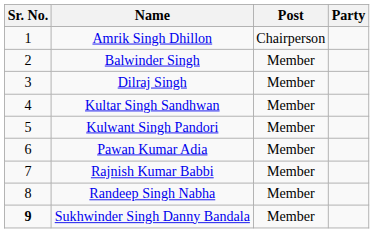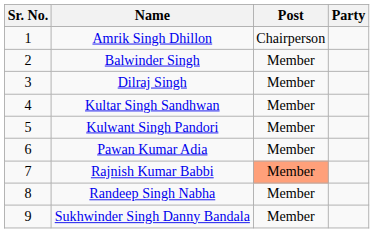 <table class="wikitable sortable">
 <tr>
 <th>Sr. No.</th>
 <th>Name</th>
 <th>Post</th>
 <th colspan="2">Party</th>
 </tr>
 <tr align="center">
 <td>1</td>
 <td><a href='#'>Amrik Singh Dhillon</a></td>
 <td>Chairperson</td>
 <td></td>
 </tr>
 <tr align="center">
 <td>2</td>
 <td><a href='#'>Balwinder Singh</a></td>
 <td>Member</td>
 <td></td>
 </tr>
 <tr align="center">
 <td>3</td>
 <td><a href='#'>Dilraj Singh</a></td>
 <td>Member</td>
 <td></td>
 </tr>
 <tr align="center">
 <td>4</td>
 <td><a href='#'>Kultar Singh Sandhwan</a></td>
 <td>Member</td>
 <td></td>
 </tr>
 <tr align="center">
 <td>5</td>
 <td><a href='#'>Kulwant Singh Pandori</a></td>
 <td>Member</td>
 <td></td>
 </tr>
 <tr align="center">
 <td>6</td>
 <td><a href='#'>Pawan Kumar Adia</a></td>
 <td>Member</td>
 <td></td>
 </tr>
 <tr align="center">
 <td>7</td>
 <td><a href='#'>Rajnish Kumar Babbi</a></td>
-<td>Member</td>
+<td style="background: lightsalmon;">Member</td>
 <td></td>
 </tr>
 <tr align="center">
 <td>8</td>
 <td><a href='#'>Randeep Singh Nabha</a></td>
 <td>Member</td>
 <td></td>
 </tr>
 <tr align="center">
-<td><strong>9</strong></td>
+<td>9</td>
 <td><a href='#'>Sukhwinder Singh Danny Bandala</a></td>
 <td>Member</td>
 <td></td>
 </tr>
 </table>
